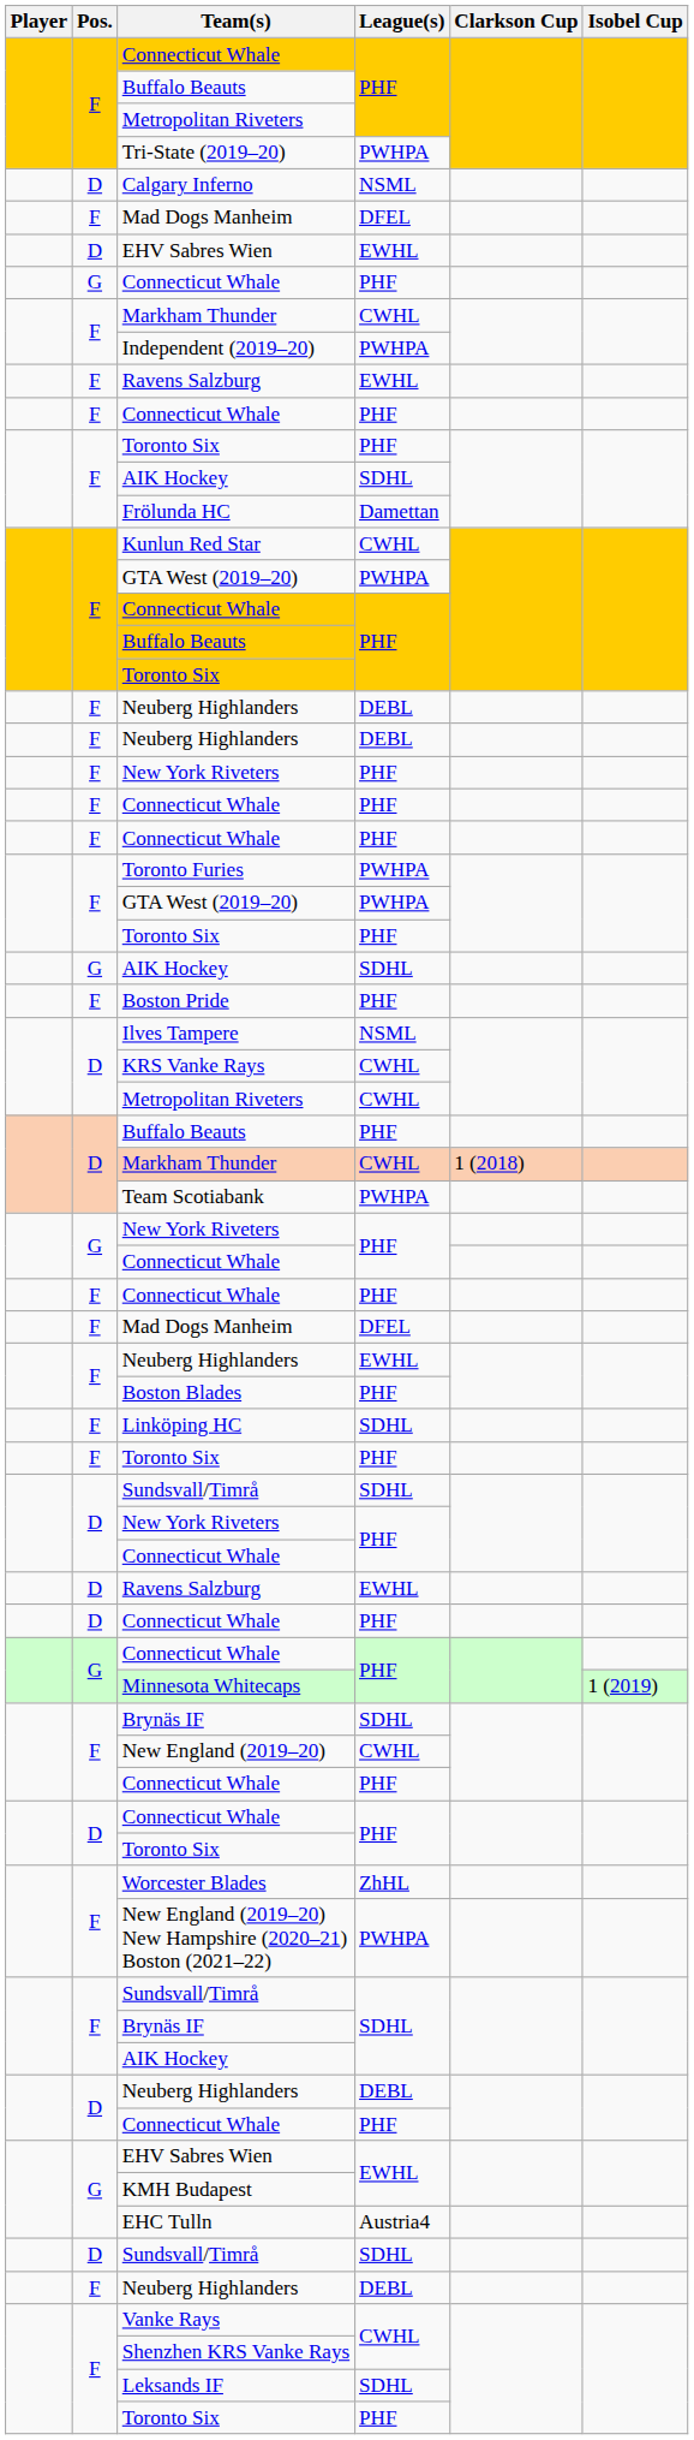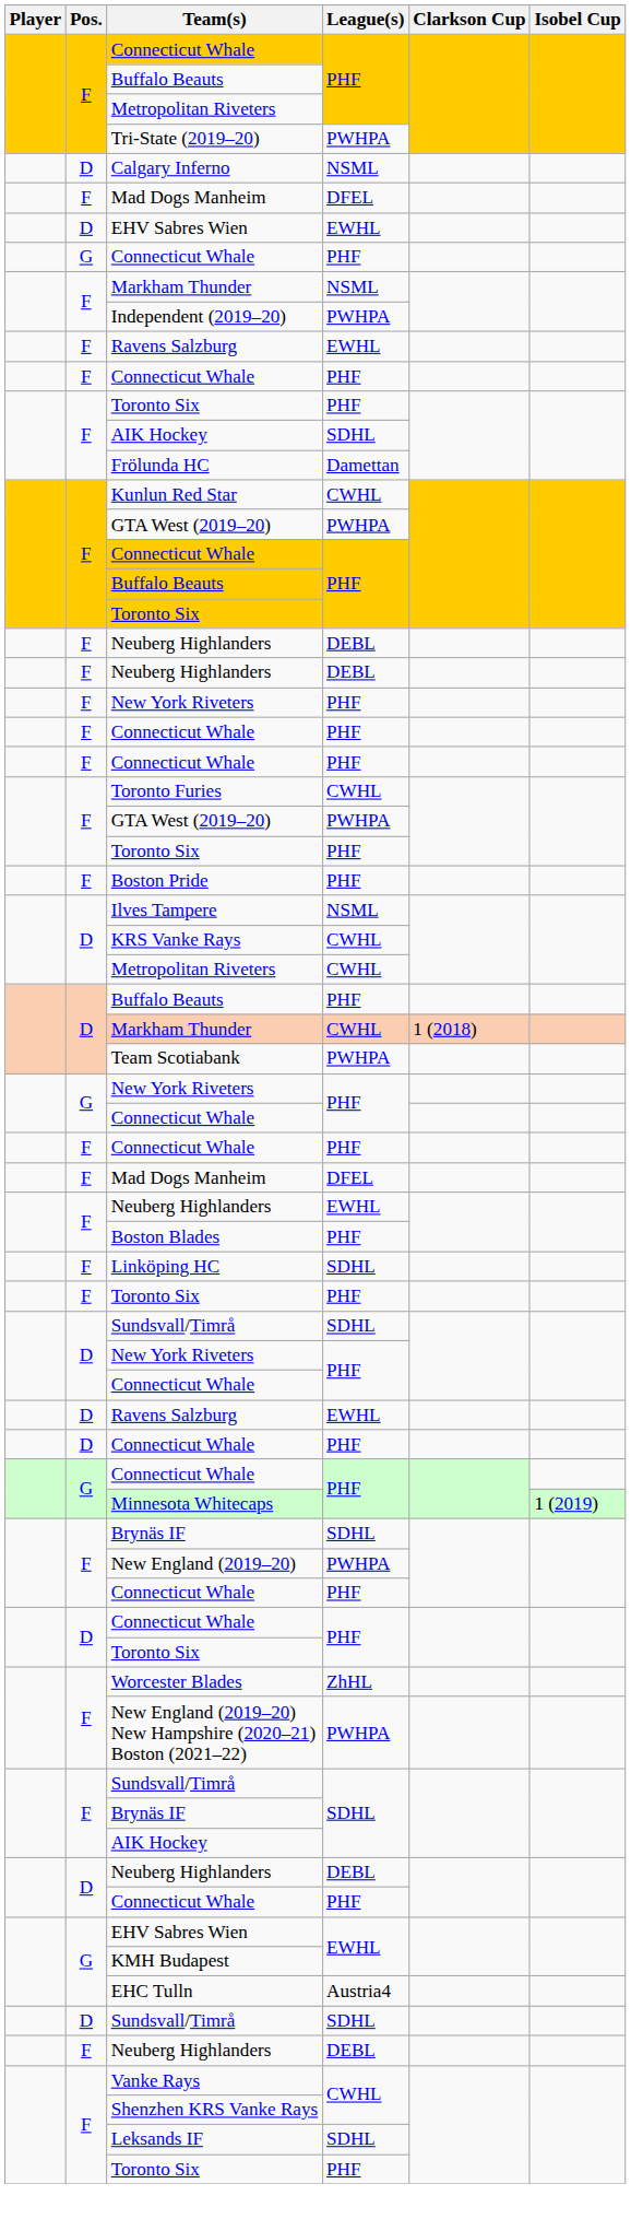 <table class="wikitable sortable">
 <tr>
 <th>Player</th>
 <th>Pos.</th>
 <th>Team(s)</th>
 <th>League(s)</th>
 <th>Clarkson Cup</th>
 <th>Isobel Cup</th>
 </tr>
 <tr>
 <td rowspan="4" bgcolor="FFCC00"></td>
 <td rowspan="4" align="center" bgcolor="FFCC00"><a href='#'>F</a></td>
 <td bgcolor="FFCC00"><a href='#'>Connecticut Whale</a></td>
 <td rowspan="3" bgcolor="FFCC00"><a href='#'>PHF</a></td>
 <td rowspan="4" bgcolor="FFCC00"></td>
 <td rowspan="4" bgcolor="FFCC00"></td>
 </tr>
 <tr>
 <td><a href='#'>Buffalo Beauts</a></td>
 </tr>
 <tr>
 <td><a href='#'>Metropolitan Riveters</a></td>
 </tr>
 <tr>
 <td>Tri-State (<a href='#'>2019–20</a>)</td>
 <td><a href='#'>PWHPA</a></td>
 </tr>
 <tr bgcolor="">
 <td></td>
 <td align="center"><a href='#'>D</a></td>
 <td><a href='#'>Calgary Inferno</a></td>
 <td><a href='#'>NSML</a></td>
 <td></td>
 <td></td>
 </tr>
 <tr>
 <td></td>
 <td align="center"><a href='#'>F</a></td>
 <td>Mad Dogs Manheim</td>
 <td><a href='#'>DFEL</a></td>
 <td></td>
 <td></td>
 </tr>
 <tr bgcolor="">
 <td></td>
 <td align="center"><a href='#'>D</a></td>
 <td>EHV Sabres Wien</td>
 <td><a href='#'>EWHL</a></td>
 <td></td>
 <td></td>
 </tr>
 <tr>
 <td></td>
 <td align="center"><a href='#'>G</a></td>
 <td><a href='#'>Connecticut Whale</a></td>
 <td><a href='#'>PHF</a></td>
 <td></td>
 <td></td>
 </tr>
 <tr>
 <td rowspan="2"></td>
 <td rowspan="2" align="center"><a href='#'>F</a></td>
 <td><a href='#'>Markham Thunder</a></td>
-<td><a href='#'>CWHL</a></td>
+<td><a href='#'>NSML</a></td>
 <td rowspan="2"></td>
 <td rowspan="2"></td>
 </tr>
 <tr>
 <td>Independent (<a href='#'>2019–20</a>)</td>
 <td><a href='#'>PWHPA</a></td>
 </tr>
 <tr>
 <td></td>
 <td align="center"><a href='#'>F</a></td>
 <td><a href='#'>Ravens Salzburg</a></td>
 <td><a href='#'>EWHL</a></td>
 <td></td>
 <td></td>
 </tr>
 <tr bgcolor="">
 <td></td>
 <td align="center"><a href='#'>F</a></td>
 <td><a href='#'>Connecticut Whale</a></td>
 <td><a href='#'>PHF</a></td>
 <td></td>
 <td></td>
 </tr>
 <tr bgcolor="">
 <td rowspan="3"></td>
 <td rowspan="3" align="center"><a href='#'>F</a></td>
 <td><a href='#'>Toronto Six</a></td>
 <td><a href='#'>PHF</a></td>
 <td rowspan="3"></td>
 <td rowspan="3"></td>
 </tr>
 <tr>
 <td><a href='#'>AIK Hockey</a></td>
 <td><a href='#'>SDHL</a></td>
 </tr>
 <tr>
 <td><a href='#'>Frölunda HC</a></td>
 <td><a href='#'>Damettan</a></td>
 </tr>
 <tr>
 <td rowspan="5" bgcolor="FFCC00"></td>
 <td rowspan="5" align="center" bgcolor="FFCC00"><a href='#'>F</a></td>
 <td><a href='#'>Kunlun Red Star</a></td>
 <td><a href='#'>CWHL</a></td>
 <td rowspan="5" bgcolor="FFCC00"></td>
 <td rowspan="5" bgcolor="FFCC00"></td>
 </tr>
 <tr>
 <td>GTA West (<a href='#'>2019–20</a>)</td>
 <td><a href='#'>PWHPA</a></td>
 </tr>
 <tr>
 <td bgcolor="FFCC00"><a href='#'>Connecticut Whale</a></td>
 <td rowspan="3" bgcolor="FFCC00"><a href='#'>PHF</a></td>
 </tr>
 <tr>
 <td bgcolor="FFCC00"><a href='#'>Buffalo Beauts</a></td>
 </tr>
 <tr>
 <td bgcolor="FFCC00"><a href='#'>Toronto Six</a></td>
 </tr>
 <tr>
 <td></td>
 <td align="center"><a href='#'>F</a></td>
 <td>Neuberg Highlanders</td>
 <td><a href='#'>DEBL</a></td>
 <td></td>
 <td></td>
 </tr>
 <tr>
 <td></td>
 <td align="center"><a href='#'>F</a></td>
 <td>Neuberg Highlanders</td>
 <td><a href='#'>DEBL</a></td>
 <td></td>
 <td></td>
 </tr>
 <tr bgcolor="">
 <td></td>
 <td align="center"><a href='#'>F</a></td>
 <td><a href='#'>New York Riveters</a></td>
 <td><a href='#'>PHF</a></td>
 <td></td>
 <td></td>
 </tr>
 <tr bgcolor="">
 <td></td>
 <td align="center"><a href='#'>F</a></td>
 <td><a href='#'>Connecticut Whale</a></td>
 <td><a href='#'>PHF</a></td>
 <td></td>
 <td></td>
 </tr>
 <tr>
 <td></td>
 <td align="center"><a href='#'>F</a></td>
 <td><a href='#'>Connecticut Whale</a></td>
 <td><a href='#'>PHF</a></td>
 <td></td>
 <td></td>
 </tr>
 <tr>
 <td rowspan="3"></td>
 <td rowspan="3" align="center"><a href='#'>F</a></td>
 <td><a href='#'>Toronto Furies</a></td>
-<td><a href='#'>PWHPA</a></td>
+<td><a href='#'>CWHL</a></td>
 <td rowspan="3"></td>
 <td rowspan="3"></td>
 </tr>
 <tr>
 <td>GTA West (<a href='#'>2019–20</a>)</td>
 <td><a href='#'>PWHPA</a></td>
 </tr>
 <tr>
 <td><a href='#'>Toronto Six</a></td>
 <td><a href='#'>PHF</a></td>
-</tr>
-<tr>
-<td></td>
-<td align="center"><a href='#'>G</a></td>
-<td><a href='#'>AIK Hockey</a></td>
-<td><a href='#'>SDHL</a></td>
-<td></td>
-<td></td>
 </tr>
 <tr>
 <td></td>
 <td align="center"><a href='#'>F</a></td>
 <td><a href='#'>Boston Pride</a></td>
 <td><a href='#'>PHF</a></td>
 <td></td>
 <td></td>
 </tr>
 <tr bgcolor="">
 <td rowspan="3"></td>
 <td rowspan="3" align="center"><a href='#'>D</a></td>
 <td><a href='#'>Ilves Tampere</a></td>
 <td><a href='#'>NSML</a></td>
 <td rowspan="3"></td>
 <td rowspan="3"></td>
 </tr>
 <tr>
 <td><a href='#'>KRS Vanke Rays</a></td>
 <td><a href='#'>CWHL</a></td>
 </tr>
 <tr>
 <td><a href='#'>Metropolitan Riveters</a></td>
 <td><a href='#'>CWHL</a></td>
 </tr>
 <tr>
 <td rowspan="3" bgcolor="FBCEB1"></td>
 <td rowspan="3" align="center" bgcolor="FBCEB1"><a href='#'>D</a></td>
 <td><a href='#'>Buffalo Beauts</a></td>
 <td><a href='#'>PHF</a></td>
 <td></td>
 <td></td>
 </tr>
 <tr>
 <td bgcolor="FBCEB1"><a href='#'>Markham Thunder</a></td>
 <td bgcolor="FBCEB1"><a href='#'>CWHL</a></td>
 <td bgcolor="FBCEB1">1 (<a href='#'>2018</a>)</td>
 <td bgcolor="FBCEB1"></td>
 </tr>
 <tr>
 <td>Team Scotiabank</td>
 <td><a href='#'>PWHPA</a></td>
 <td></td>
 <td></td>
 </tr>
 <tr bgcolor="">
 <td rowspan="2"></td>
 <td rowspan="2" align="center"><a href='#'>G</a></td>
 <td><a href='#'>New York Riveters</a></td>
 <td rowspan="2"><a href='#'>PHF</a></td>
 <td></td>
 <td></td>
 </tr>
 <tr>
 <td><a href='#'>Connecticut Whale</a></td>
 <td></td>
 <td></td>
 </tr>
 <tr>
 <td></td>
 <td align="center"><a href='#'>F</a></td>
 <td><a href='#'>Connecticut Whale</a></td>
 <td><a href='#'>PHF</a></td>
 <td></td>
 <td></td>
 </tr>
 <tr>
 <td></td>
 <td align="center"><a href='#'>F</a></td>
 <td>Mad Dogs Manheim</td>
 <td><a href='#'>DFEL</a></td>
 <td></td>
 <td></td>
 </tr>
 <tr bgcolor="">
 <td rowspan="2"></td>
 <td rowspan="2" align="center"><a href='#'>F</a></td>
 <td>Neuberg Highlanders</td>
 <td><a href='#'>EWHL</a></td>
 <td rowspan="2"></td>
 <td rowspan="2"></td>
 </tr>
 <tr>
 <td><a href='#'>Boston Blades</a></td>
 <td><a href='#'>PHF</a></td>
 </tr>
 <tr>
 <td></td>
 <td align="center"><a href='#'>F</a></td>
 <td><a href='#'>Linköping HC</a></td>
 <td><a href='#'>SDHL</a></td>
 <td></td>
 <td></td>
 </tr>
 <tr>
 <td></td>
 <td align="center"><a href='#'>F</a></td>
 <td><a href='#'>Toronto Six</a></td>
 <td><a href='#'>PHF</a></td>
 <td></td>
 <td></td>
 </tr>
 <tr bgcolor="">
 <td rowspan="3"></td>
 <td rowspan="3" align="center"><a href='#'>D</a></td>
 <td><a href='#'>Sundsvall</a>/<a href='#'>Timrå</a></td>
 <td><a href='#'>SDHL</a></td>
 <td rowspan="3"></td>
 <td rowspan="3"></td>
 </tr>
 <tr>
 <td><a href='#'>New York Riveters</a></td>
 <td rowspan="2"><a href='#'>PHF</a></td>
 </tr>
 <tr>
 <td><a href='#'>Connecticut Whale</a></td>
 </tr>
 <tr>
 <td></td>
 <td align="center"><a href='#'>D</a></td>
 <td><a href='#'>Ravens Salzburg</a></td>
 <td><a href='#'>EWHL</a></td>
 <td></td>
 <td></td>
 </tr>
 <tr bgcolor="">
 <td></td>
 <td align="center"><a href='#'>D</a></td>
 <td><a href='#'>Connecticut Whale</a></td>
 <td><a href='#'>PHF</a></td>
 <td></td>
 <td></td>
 </tr>
 <tr>
 <td rowspan="2" bgcolor="CCFFCC"></td>
 <td rowspan="2" align="center" bgcolor="CCFFCC"><a href='#'>G</a></td>
 <td><a href='#'>Connecticut Whale</a></td>
 <td rowspan="2" bgcolor="CCFFCC"><a href='#'>PHF</a></td>
 <td rowspan="2" bgcolor="CCFFCC"></td>
 <td></td>
 </tr>
 <tr bgcolor="CCFFCC">
 <td><a href='#'>Minnesota Whitecaps</a></td>
 <td bgcolor="CCFFCC">1 (<a href='#'>2019</a>)</td>
 </tr>
 <tr>
 <td rowspan="3"></td>
 <td rowspan="3" align="center"><a href='#'>F</a></td>
 <td><a href='#'>Brynäs IF</a></td>
 <td><a href='#'>SDHL</a></td>
 <td rowspan="3"></td>
 <td rowspan="3"></td>
 </tr>
 <tr>
 <td>New England (<a href='#'>2019–20</a>)</td>
-<td><a href='#'>CWHL</a></td>
+<td><a href='#'>PWHPA</a></td>
 </tr>
 <tr>
 <td><a href='#'>Connecticut Whale</a></td>
 <td><a href='#'>PHF</a></td>
 </tr>
 <tr>
 <td rowspan="2"></td>
 <td rowspan="2" align="center"><a href='#'>D</a></td>
 <td><a href='#'>Connecticut Whale</a></td>
 <td rowspan="2"><a href='#'>PHF</a></td>
 <td rowspan="2"></td>
 <td rowspan="2"></td>
 </tr>
 <tr>
 <td><a href='#'>Toronto Six</a></td>
 </tr>
 <tr bgcolor="">
 <td rowspan="2"></td>
 <td rowspan="2" align="center"><a href='#'>F</a></td>
 <td><a href='#'>Worcester Blades</a></td>
 <td><a href='#'>ZhHL</a></td>
 <td></td>
 <td></td>
 </tr>
 <tr>
 <td>New England (<a href='#'>2019–20</a>)<br>New Hampshire (<a href='#'>2020–21</a>)<br>Boston (2021–22)</td>
 <td><a href='#'>PWHPA</a></td>
 <td></td>
 <td></td>
 </tr>
 <tr bgcolor="">
 <td rowspan="3"></td>
 <td rowspan="3" align="center"><a href='#'>F</a></td>
 <td><a href='#'>Sundsvall</a>/<a href='#'>Timrå</a></td>
 <td rowspan="3"><a href='#'>SDHL</a></td>
 <td rowspan="3"></td>
 <td rowspan="3"></td>
 </tr>
 <tr>
 <td><a href='#'>Brynäs IF</a></td>
 </tr>
 <tr>
 <td><a href='#'>AIK Hockey</a></td>
 </tr>
 <tr>
 <td rowspan="2"></td>
 <td rowspan="2" align="center"><a href='#'>D</a></td>
 <td>Neuberg Highlanders</td>
 <td><a href='#'>DEBL</a></td>
 <td rowspan="2"></td>
 <td rowspan="2"></td>
 </tr>
 <tr>
 <td><a href='#'>Connecticut Whale</a></td>
 <td><a href='#'>PHF</a></td>
 </tr>
 <tr bgcolor="">
 <td rowspan="3"></td>
 <td rowspan="3" align="center"><a href='#'>G</a></td>
 <td>EHV Sabres Wien</td>
 <td rowspan="2"><a href='#'>EWHL</a></td>
 <td rowspan="2"></td>
 <td rowspan="2"></td>
 </tr>
 <tr>
 <td>KMH Budapest</td>
 </tr>
 <tr>
 <td>EHC Tulln</td>
 <td>Austria4</td>
 <td></td>
 <td></td>
 </tr>
 <tr>
 <td></td>
 <td align="center"><a href='#'>D</a></td>
 <td><a href='#'>Sundsvall</a>/<a href='#'>Timrå</a></td>
 <td><a href='#'>SDHL</a></td>
 <td></td>
 <td></td>
 </tr>
 <tr>
 <td></td>
 <td align="center"><a href='#'>F</a></td>
 <td>Neuberg Highlanders</td>
 <td><a href='#'>DEBL</a></td>
 <td></td>
 <td></td>
 </tr>
 <tr>
 <td rowspan="4"></td>
 <td rowspan="4" align="center"><a href='#'>F</a></td>
 <td><a href='#'>Vanke Rays</a></td>
 <td rowspan="2"><a href='#'>CWHL</a></td>
 <td rowspan="4"></td>
 <td rowspan="4"></td>
 </tr>
 <tr>
 <td><a href='#'>Shenzhen KRS Vanke Rays</a></td>
 </tr>
 <tr>
 <td><a href='#'>Leksands IF</a></td>
 <td><a href='#'>SDHL</a></td>
 </tr>
 <tr>
 <td><a href='#'>Toronto Six</a></td>
 <td><a href='#'>PHF</a></td>
 </tr>
 </table>
